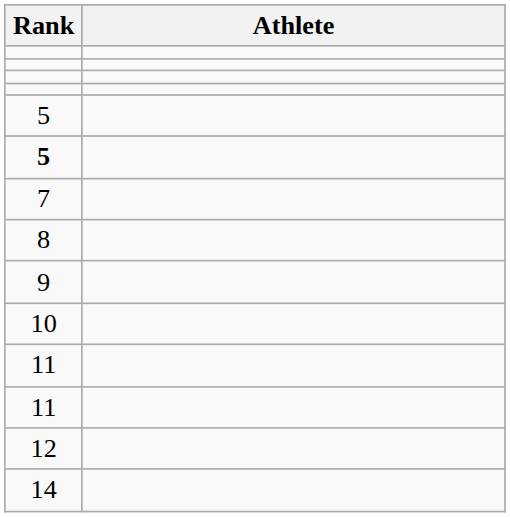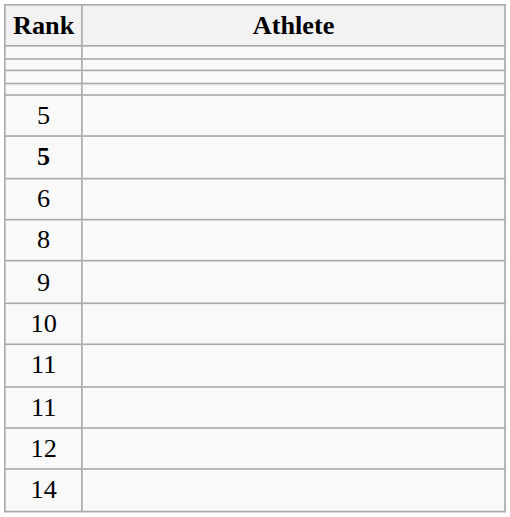 <table class="wikitable" style="text-align: center;">
 <tr>
 <th width=40>Rank</th>
 <th width=250>Athlete</th>
 </tr>
 <tr>
 <td></td>
 <td align=left></td>
 </tr>
 <tr>
 <td></td>
 <td align=left></td>
 </tr>
 <tr>
 <td></td>
 <td align=left></td>
 </tr>
 <tr>
 <td></td>
 <td align=left></td>
 </tr>
 <tr>
 <td>5</td>
 <td align=left></td>
 </tr>
 <tr>
 <td><strong>5</strong></td>
 <td align=left></td>
 </tr>
 <tr>
-<td>7</td>
+<td>6</td>
 <td align=left></td>
 </tr>
 <tr>
 <td>8</td>
 <td align=left></td>
 </tr>
 <tr>
 <td>9</td>
 <td align=left></td>
 </tr>
 <tr>
 <td>10</td>
 <td align=left></td>
 </tr>
 <tr>
 <td>11</td>
 <td align=left></td>
 </tr>
 <tr>
 <td>11</td>
 <td align=left></td>
 </tr>
 <tr>
 <td>12</td>
 <td align=left></td>
 </tr>
 <tr>
 <td>14</td>
 <td align=left></td>
 </tr>
 </table>
